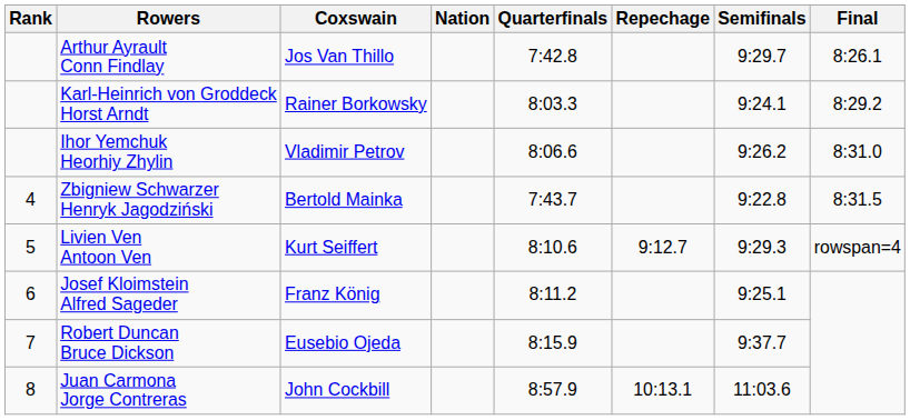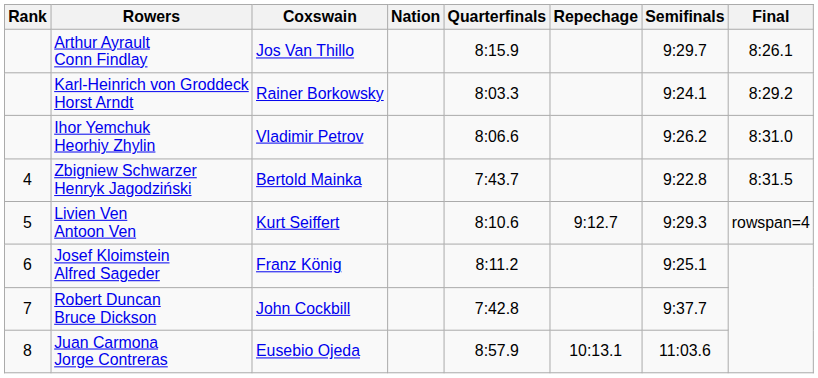 <table class="wikitable sortable" style="text-align:center">
 <tr>
 <th>Rank</th>
 <th>Rowers</th>
 <th>Coxswain</th>
 <th>Nation</th>
 <th>Quarterfinals</th>
 <th>Repechage</th>
 <th>Semifinals</th>
 <th>Final</th>
 </tr>
 <tr>
 <td></td>
 <td align=left><a href='#'>Arthur Ayrault</a><br><a href='#'>Conn Findlay</a></td>
 <td align=left><a href='#'>Jos Van Thillo</a></td>
 <td align=left></td>
-<td>7:42.8</td>
+<td>8:15.9</td>
 <td></td>
 <td>9:29.7</td>
 <td>8:26.1</td>
 </tr>
 <tr>
 <td></td>
 <td align=left><a href='#'>Karl-Heinrich von Groddeck</a><br><a href='#'>Horst Arndt</a></td>
 <td align=left><a href='#'>Rainer Borkowsky</a></td>
 <td align=left></td>
 <td>8:03.3</td>
 <td></td>
 <td>9:24.1</td>
 <td>8:29.2</td>
 </tr>
 <tr>
 <td></td>
 <td align=left><a href='#'>Ihor Yemchuk</a><br><a href='#'>Heorhiy Zhylin</a></td>
 <td align=left><a href='#'>Vladimir Petrov</a></td>
 <td align=left></td>
 <td>8:06.6</td>
 <td></td>
 <td>9:26.2</td>
 <td>8:31.0</td>
 </tr>
 <tr>
 <td>4</td>
 <td align=left><a href='#'>Zbigniew Schwarzer</a><br><a href='#'>Henryk Jagodziński</a></td>
 <td align=left><a href='#'>Bertold Mainka</a></td>
 <td align=left></td>
 <td>7:43.7</td>
 <td></td>
 <td>9:22.8</td>
 <td>8:31.5</td>
 </tr>
 <tr>
 <td>5</td>
 <td align=left><a href='#'>Livien Ven</a><br><a href='#'>Antoon Ven</a></td>
 <td align=left><a href='#'>Kurt Seiffert</a></td>
 <td align=left></td>
 <td>8:10.6</td>
 <td>9:12.7</td>
 <td>9:29.3</td>
 <td>rowspan=4 </td>
 </tr>
 <tr>
 <td>6</td>
 <td align=left><a href='#'>Josef Kloimstein</a><br><a href='#'>Alfred Sageder</a></td>
 <td align=left><a href='#'>Franz König</a></td>
 <td align=left></td>
 <td>8:11.2</td>
 <td></td>
 <td>9:25.1</td>
 </tr>
 <tr>
 <td>7</td>
 <td align=left><a href='#'>Robert Duncan</a><br><a href='#'>Bruce Dickson</a></td>
-<td align=left><a href='#'>Eusebio Ojeda</a></td>
+<td align=left><a href='#'>John Cockbill</a></td>
 <td align=left></td>
-<td>8:15.9</td>
+<td>7:42.8</td>
 <td></td>
 <td>9:37.7</td>
 </tr>
 <tr>
 <td>8</td>
 <td align=left><a href='#'>Juan Carmona</a><br><a href='#'>Jorge Contreras</a></td>
-<td align=left><a href='#'>John Cockbill</a></td>
+<td align=left><a href='#'>Eusebio Ojeda</a></td>
 <td align=left></td>
 <td>8:57.9</td>
 <td>10:13.1</td>
 <td>11:03.6</td>
 </tr>
 </table>
